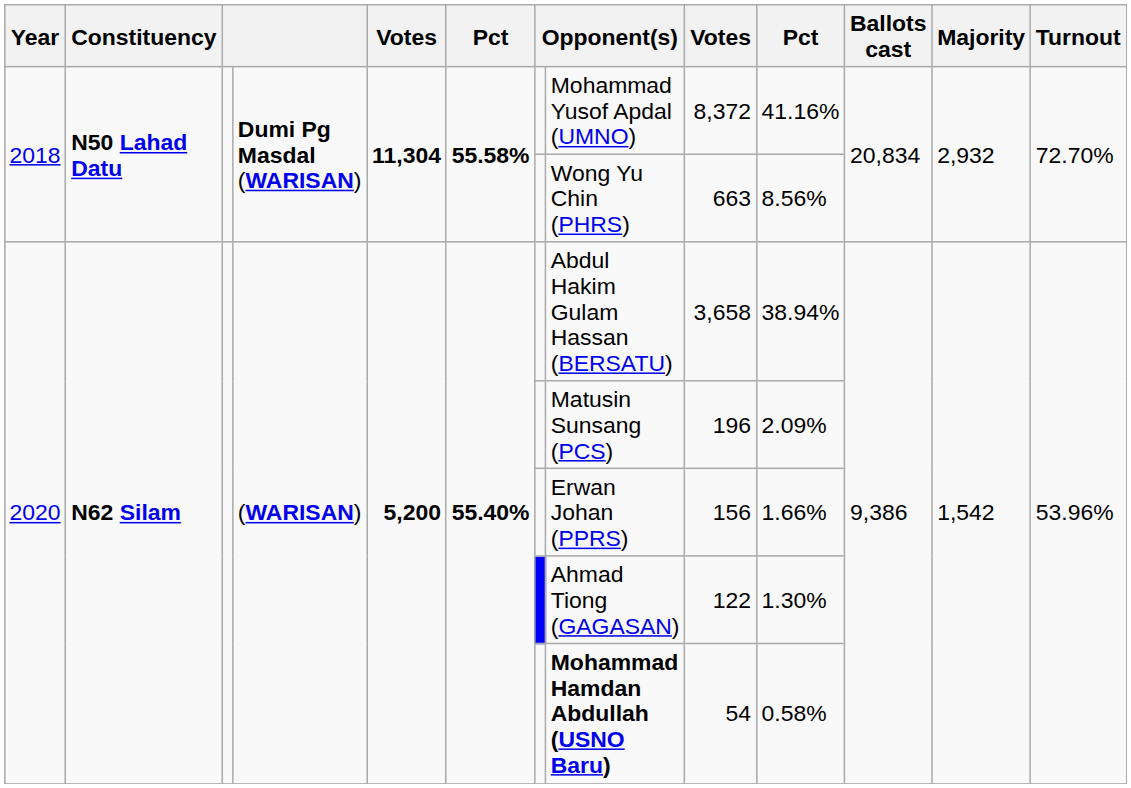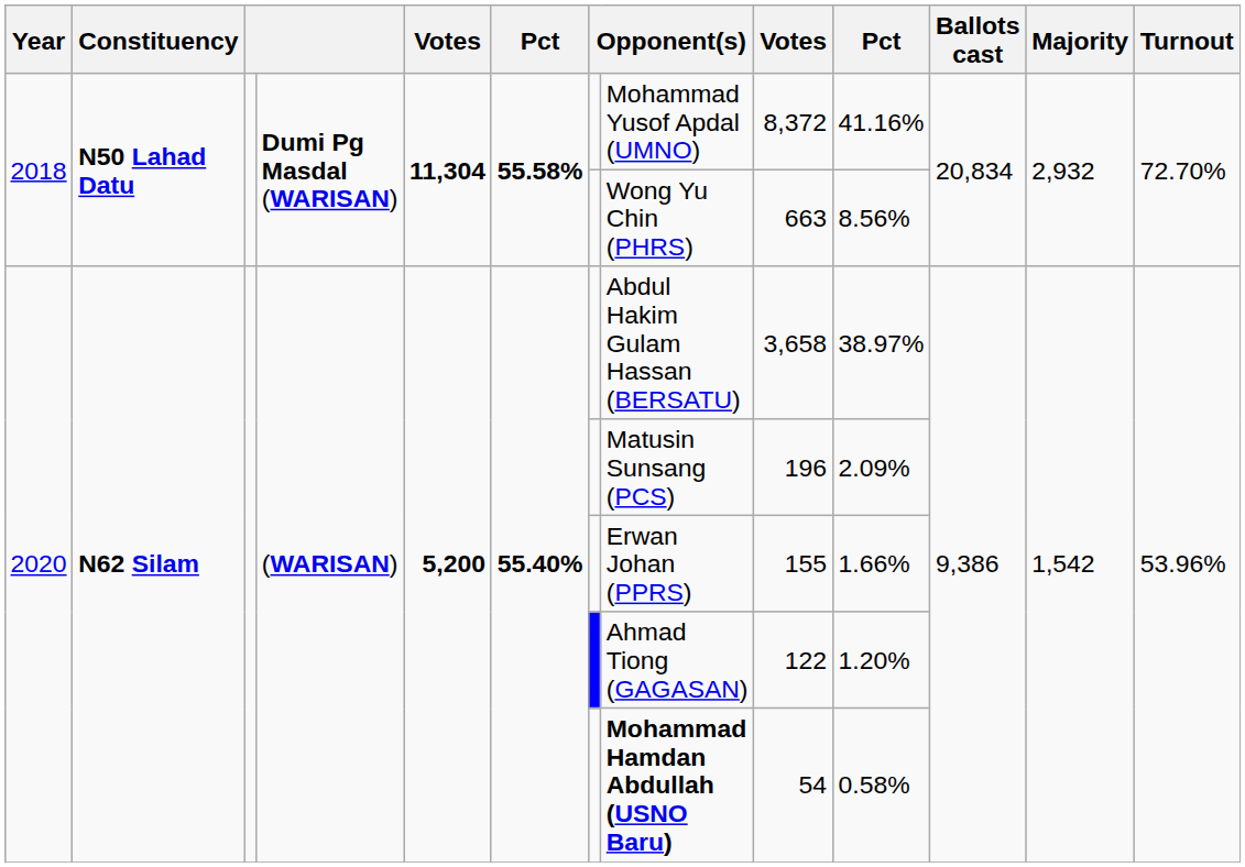 <table class="wikitable" style="margin:0.5em ; font-size:95%">
 <tr>
 <th>Year</th>
 <th>Constituency</th>
 <th colspan=2></th>
 <th>Votes</th>
 <th>Pct</th>
 <th colspan=2>Opponent(s)</th>
 <th>Votes</th>
 <th>Pct</th>
 <th>Ballots cast</th>
 <th>Majority</th>
 <th>Turnout</th>
 </tr>
 <tr>
 <td rowspan=2><a href='#'>2018</a></td>
 <td rowspan=2><strong>N50 <a href='#'>Lahad Datu</a></strong></td>
 <td rowspan=2 ></td>
 <td rowspan=2><strong>Dumi Pg Masdal</strong> (<a href='#'><strong>WARISAN</strong></a>)</td>
 <td rowspan=2 align="right"><strong>11,304</strong></td>
 <td rowspan=2><strong>55.58%</strong></td>
 <td></td>
 <td>Mohammad Yusof Apdal (<a href='#'>UMNO</a>)</td>
 <td align="right">8,372</td>
 <td>41.16%</td>
 <td rowspan=2>20,834</td>
 <td rowspan=2>2,932</td>
 <td rowspan=2>72.70%</td>
 </tr>
 <tr>
 <td></td>
 <td>Wong Yu Chin (<a href='#'>PHRS</a>)</td>
 <td align="right">663</td>
 <td>8.56%</td>
 </tr>
 <tr>
 <td rowspan=5><a href='#'>2020</a></td>
 <td rowspan=5><strong>N62 <a href='#'>Silam</a></strong></td>
 <td rowspan=5 ></td>
 <td rowspan=5> (<a href='#'><strong>WARISAN</strong></a>)</td>
 <td rowspan=5 align="right"><strong>5,200</strong></td>
 <td rowspan=5><strong>55.40%</strong></td>
 <td></td>
 <td>Abdul Hakim Gulam Hassan (<a href='#'>BERSATU</a>)</td>
 <td align="right">3,658</td>
-<td>38.94%</td>
+<td>38.97%</td>
 <td rowspan=5>9,386</td>
 <td rowspan=5>1,542</td>
 <td rowspan=5>53.96%</td>
 </tr>
 <tr>
 <td></td>
 <td>Matusin Sunsang (<a href='#'>PCS</a>)</td>
 <td align="right">196</td>
 <td>2.09%</td>
 </tr>
 <tr>
 <td></td>
 <td>Erwan Johan (<a href='#'>PPRS</a>)</td>
-<td align="right">156</td>
+<td align="right">155</td>
 <td>1.66%</td>
 </tr>
 <tr>
 <td bgcolor=blue></td>
 <td>Ahmad Tiong (<a href='#'>GAGASAN</a>)</td>
 <td align="right">122</td>
-<td>1.30%</td>
+<td>1.20%</td>
 </tr>
 <tr>
 <td bgcolor=></td>
 <td><strong>Mohammad Hamdan Abdullah (<a href='#'>USNO Baru</a>)</strong></td>
 <td align="right">54</td>
 <td>0.58%</td>
 </tr>
 </table>
